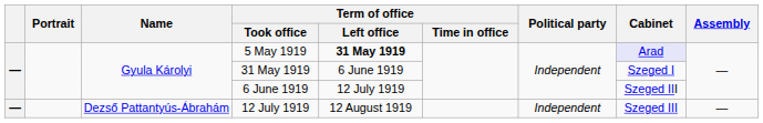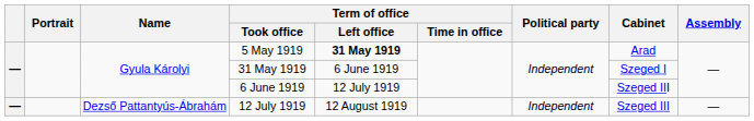 <table class="wikitable" style="text-align:center;">
 <tr>
 <th rowspan=2></th>
 <th rowspan=2>Portrait</th>
 <th width=20% rowspan=2>Name<br></th>
 <th colspan=3>Term of office</th>
 <th rowspan=2>Political party</th>
 <th rowspan=2>Cabinet</th>
 <th rowspan=2><a href='#'>Assembly</a><br></th>
 </tr>
 <tr>
 <th>Took office</th>
 <th>Left office</th>
 <th>Time in office</th>
 </tr>
 <tr>
 <th rowspan=3 style="background:">—</th>
 <td rowspan=3></td>
 <td rowspan=3><a href='#'>Gyula Károlyi</a><br></td>
 <td>5 May 1919</td>
 <td><strong>31 May 1919</strong></td>
 <td rowspan=3></td>
 <td rowspan=3><em>Independent</em></td>
-<td style="background: lavender;"><a href='#'>Arad</a></td>
+<td><a href='#'>Arad</a></td>
 <td rowspan=3>—</td>
 </tr>
 <tr>
 <td>31 May 1919</td>
 <td>6 June 1919</td>
 <td><a href='#'>Szeged I</a></td>
 </tr>
 <tr>
 <td>6 June 1919</td>
 <td>12 July 1919</td>
 <td><a href='#'>Szeged II</a>I</td>
 </tr>
 <tr>
 <th style="background:">—</th>
 <td></td>
 <td><a href='#'>Dezső Pattantyús-Ábrahám</a><br></td>
 <td>12 July 1919</td>
 <td>12 August 1919</td>
 <td></td>
 <td><em>Independent</em></td>
 <td><a href='#'>Szeged III</a></td>
 <td>—</td>
 </tr>
 </table>
